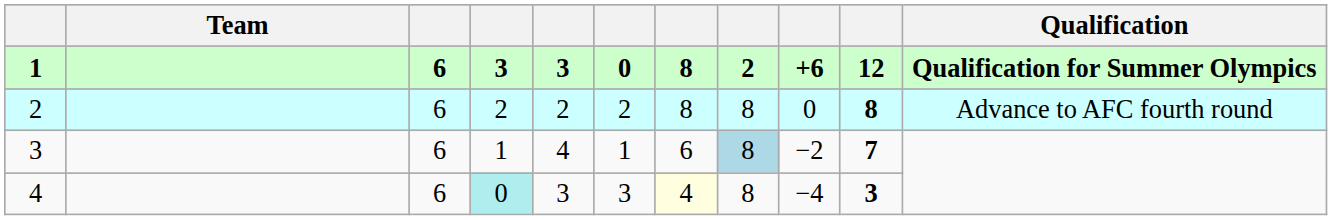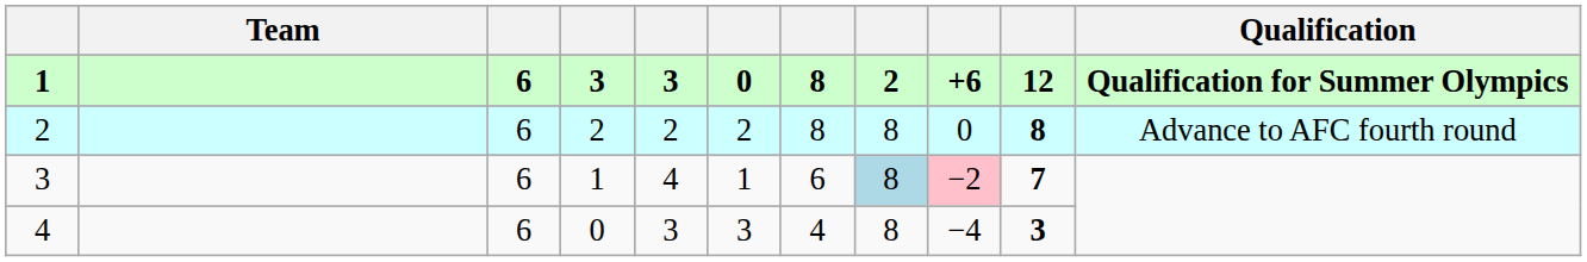 <table class="wikitable" style="text-align:center">
 <tr>
 <th width=30></th>
 <th width=200>Team</th>
 <th width=30></th>
 <th width=30></th>
 <th width=30></th>
 <th width=30></th>
 <th width=30></th>
 <th width=30></th>
 <th width=30></th>
 <th width=30></th>
 <th width=250>Qualification</th>
 </tr>
 <tr bgcolor=#ccffcc>
 <td><strong>1</strong></td>
 <td align=left><strong></strong></td>
 <td><strong>6</strong></td>
 <td><strong>3</strong></td>
 <td><strong>3</strong></td>
 <td><strong>0</strong></td>
 <td><strong>8</strong></td>
 <td><strong>2</strong></td>
 <td><strong>+6</strong></td>
 <td><strong>12</strong></td>
 <td><strong>Qualification for Summer Olympics</strong></td>
 </tr>
 <tr bgcolor=#ccffff>
 <td>2</td>
 <td align=left></td>
 <td>6</td>
 <td>2</td>
 <td>2</td>
 <td>2</td>
 <td>8</td>
 <td>8</td>
 <td>0</td>
 <td><strong>8</strong></td>
 <td>Advance to AFC fourth round</td>
 </tr>
 <tr>
 <td>3</td>
 <td align=left></td>
 <td>6</td>
 <td>1</td>
 <td>4</td>
 <td>1</td>
 <td>6</td>
 <td style="background: lightblue;">8</td>
-<td>−2</td>
+<td style="background: pink;">−2</td>
 <td><strong>7</strong></td>
 <td rowspan="2"></td>
 </tr>
 <tr>
 <td>4</td>
 <td align=left></td>
 <td>6</td>
-<td style="background: paleturquoise;">0</td>
+<td>0</td>
 <td>3</td>
 <td>3</td>
-<td style="background: lightyellow;">4</td>
+<td>4</td>
 <td>8</td>
 <td>−4</td>
 <td><strong>3</strong></td>
 </tr>
 </table>
